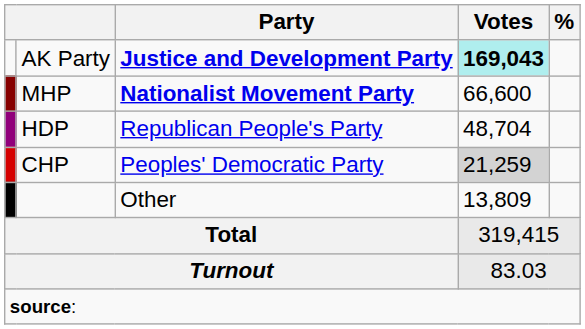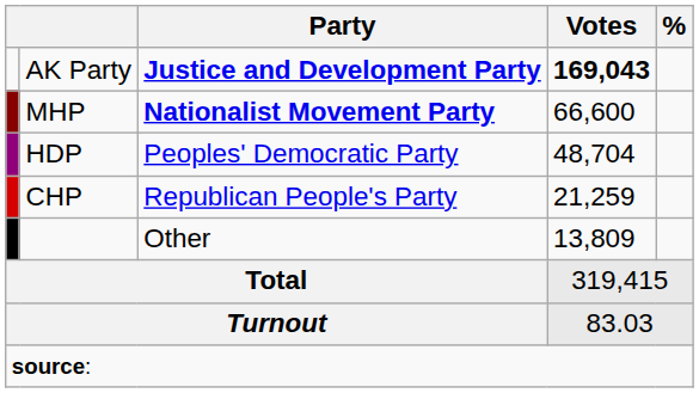 <table class="wikitable">
 <tr>
 <th colspan="2" align="center"></th>
 <th align="center">Party</th>
 <th align="center">Votes</th>
 <th align="center">%</th>
 </tr>
 <tr align="left">
 <td></td>
 <td>AK Party</td>
 <td><strong><a href='#'>Justice and Development Party</a></strong></td>
-<td style="background: paleturquoise;"><strong>169,043</strong></td>
+<td><strong>169,043</strong></td>
 <td><strong></strong></td>
 </tr>
 <tr align="left">
 <td bgcolor="#870000" width="1"></td>
 <td>MHP</td>
 <td><strong><a href='#'>Nationalist Movement Party</a></strong></td>
 <td>66,600</td>
 <td></td>
 </tr>
 <tr align="left">
 <td bgcolor="#91007B" width="1"></td>
 <td>HDP</td>
-<td><a href='#'>Republican People's Party</a></td>
+<td><a href='#'>Peoples' Democratic Party</a></td>
 <td>48,704</td>
 <td></td>
 </tr>
 <tr align="left">
 <td bgcolor="#d50000" width="1"></td>
 <td>CHP</td>
-<td><a href='#'>Peoples' Democratic Party</a></td>
-<td style="background: lightgrey;">21,259</td>
+<td><a href='#'>Republican People's Party</a></td>
+<td>21,259</td>
 <td></td>
 </tr>
 <tr align="left">
 <td bgcolor=" " width="1"></td>
 <td></td>
 <td>Other</td>
 <td>13,809</td>
 <td></td>
 </tr>
 <tr align="left" style="background-color:#E9E9E9">
 <th colspan="3" align="center"><strong>Total</strong></th>
 <td colspan="5" align="center">319,415</td>
 </tr>
 <tr align="left" style="background-color:#E9E9E9">
 <th colspan="3" align="center"><em>Turnout</em></th>
 <td colspan="5" align="center">83.03</td>
 </tr>
 <tr>
 <td colspan="9" align="left"><small><strong>source</strong>: </small></td>
 </tr>
 </table>
